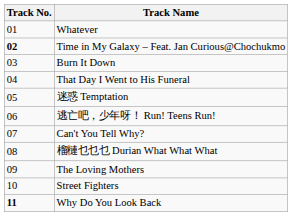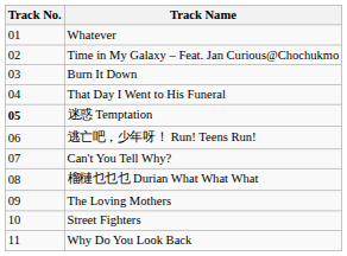 <table class="wikitable">
 <tr>
 <th>Track No.</th>
 <th>Track Name</th>
 </tr>
 <tr>
 <td>01</td>
 <td>Whatever</td>
 </tr>
 <tr>
-<td><strong>02</strong></td>
+<td>02</td>
 <td>Time in My Galaxy – Feat. Jan Curious@Chochukmo</td>
 </tr>
 <tr>
 <td>03</td>
 <td>Burn It Down</td>
 </tr>
 <tr>
 <td>04</td>
 <td>That Day I Went to His Funeral</td>
 </tr>
 <tr>
-<td>05</td>
+<td><strong>05</strong></td>
 <td>迷惑 Temptation</td>
 </tr>
 <tr>
 <td>06</td>
 <td>逃亡吧，少年呀！ Run! Teens Run!</td>
 </tr>
 <tr>
 <td>07</td>
 <td>Can't You Tell Why?</td>
 </tr>
 <tr>
 <td>08</td>
 <td>榴槤乜乜乜 Durian What What What</td>
 </tr>
 <tr>
 <td>09</td>
 <td>The Loving Mothers</td>
 </tr>
 <tr>
 <td>10</td>
 <td>Street Fighters</td>
 </tr>
 <tr>
-<td><strong>11</strong></td>
+<td>11</td>
 <td>Why Do You Look Back</td>
 </tr>
 </table>
